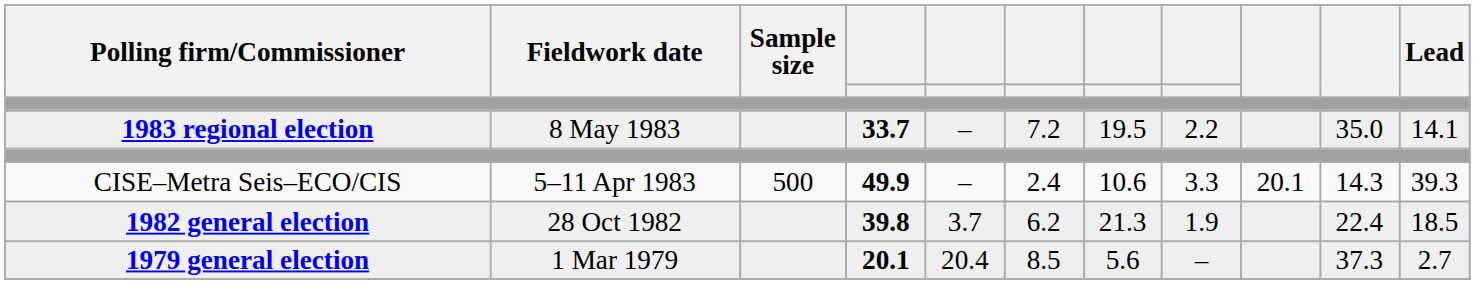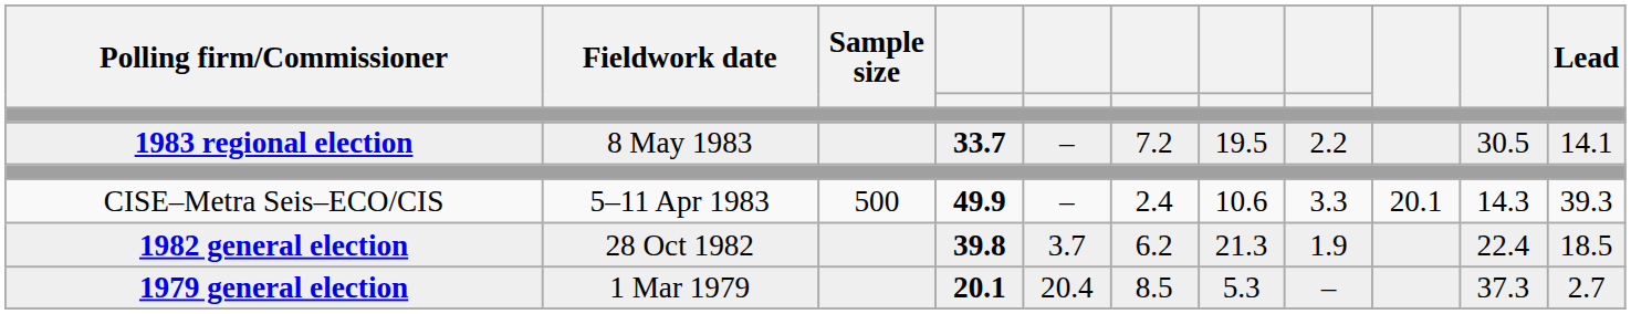 <table class="wikitable collapsible collapsed" style="text-align:center; font-size:90%; line-height:14px;">
 <tr style="height:42px;">
 <th style="width:250px;" rowspan="2">Polling firm/Commissioner</th>
 <th style="width:125px;" rowspan="2">Fieldwork date</th>
 <th style="width:50px;" rowspan="2">Sample size</th>
 <th style="width:35px;"></th>
 <th style="width:35px;"></th>
 <th style="width:35px;"></th>
 <th style="width:35px;"></th>
 <th style="width:35px;"></th>
 <th style="width:35px;" rowspan="2"></th>
 <th style="width:35px;" rowspan="2"></th>
 <th style="width:30px;" rowspan="2">Lead</th>
 </tr>
 <tr>
 <th style="color:inherit;background:"></th>
 <th style="color:inherit;background:"></th>
 <th style="color:inherit;background:"></th>
 <th style="color:inherit;background:"></th>
 <th style="color:inherit;background:"></th>
 </tr>
 <tr>
 <td colspan="11" style="background:#A0A0A0"></td>
 </tr>
 <tr style="background:#EFEFEF;">
 <td><strong><a href='#'>1983 regional election</a></strong></td>
 <td>8 May 1983</td>
 <td></td>
 <td><strong>33.7</strong></td>
 <td>–</td>
 <td>7.2</td>
 <td>19.5</td>
 <td>2.2</td>
 <td></td>
-<td>35.0</td>
+<td>30.5</td>
 <td style="background:">14.1</td>
 </tr>
 <tr>
 <td colspan="11" style="background:#A0A0A0"></td>
 </tr>
 <tr>
 <td>CISE–Metra Seis–ECO/CIS</td>
 <td>5–11 Apr 1983</td>
 <td>500</td>
 <td><strong>49.9</strong></td>
 <td>–</td>
 <td>2.4</td>
 <td>10.6</td>
 <td>3.3</td>
 <td>20.1</td>
 <td>14.3</td>
 <td style="background:">39.3</td>
 </tr>
 <tr style="background:#EFEFEF;">
 <td><strong><a href='#'>1982 general election</a></strong></td>
 <td>28 Oct 1982</td>
 <td></td>
 <td><strong>39.8</strong></td>
 <td>3.7</td>
 <td>6.2</td>
 <td>21.3</td>
 <td>1.9</td>
 <td></td>
 <td>22.4</td>
 <td style="background:">18.5</td>
 </tr>
 <tr style="background:#EFEFEF;">
 <td><strong><a href='#'>1979 general election</a></strong></td>
 <td>1 Mar 1979</td>
 <td></td>
 <td><strong>20.1</strong></td>
 <td>20.4</td>
 <td>8.5</td>
-<td>5.6</td>
+<td>5.3</td>
 <td>–</td>
 <td></td>
 <td>37.3</td>
 <td style="background:">2.7</td>
 </tr>
 </table>
